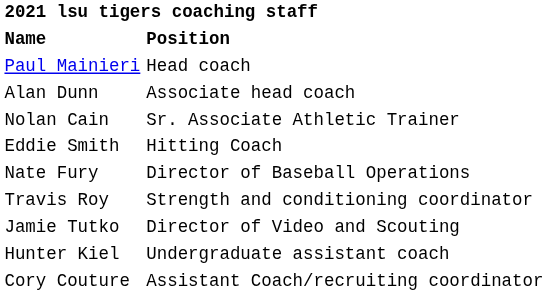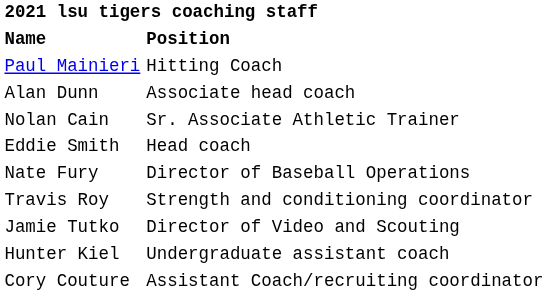 <table class="toccolours" style="text-align: left; font-size:90%;">
 <tr>
 <th colspan="9">2021 lsu tigers coaching staff</th>
 </tr>
 <tr>
 <th>Name</th>
 <th>Position</th>
 </tr>
 <tr>
 <td><a href='#'>Paul Mainieri</a></td>
-<td>Head coach</td>
+<td>Hitting Coach</td>
 </tr>
 <tr>
 <td>Alan Dunn</td>
 <td>Associate head coach</td>
 </tr>
 <tr>
 <td>Nolan Cain</td>
 <td>Sr. Associate Athletic Trainer</td>
 </tr>
 <tr>
 <td>Eddie Smith</td>
-<td>Hitting Coach</td>
+<td>Head coach</td>
 </tr>
 <tr>
 <td>Nate Fury</td>
 <td>Director of Baseball Operations</td>
 </tr>
 <tr>
 <td>Travis Roy</td>
 <td>Strength and conditioning coordinator</td>
 </tr>
 <tr>
 <td>Jamie Tutko</td>
 <td>Director of Video and Scouting</td>
 </tr>
 <tr>
 <td>Hunter Kiel</td>
 <td>Undergraduate assistant coach</td>
 </tr>
 <tr>
 <td>Cory Couture</td>
 <td>Assistant Coach/recruiting coordinator</td>
 </tr>
 </table>
